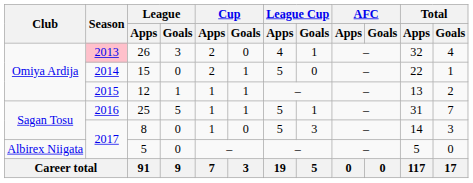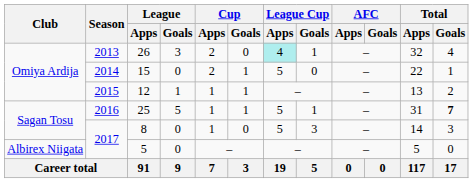 <table class="wikitable" style="text-align:center;">
 <tr>
 <th rowspan="2">Club</th>
 <th rowspan="2">Season</th>
 <th colspan="2">League</th>
 <th colspan="2"><a href='#'>Cup</a></th>
 <th colspan="2"><a href='#'>League Cup</a></th>
 <th colspan="2"><a href='#'>AFC</a></th>
 <th colspan="2">Total</th>
 </tr>
 <tr>
 <th>Apps</th>
 <th>Goals</th>
 <th>Apps</th>
 <th>Goals</th>
 <th>Apps</th>
 <th>Goals</th>
 <th>Apps</th>
 <th>Goals</th>
 <th>Apps</th>
 <th>Goals</th>
 </tr>
 <tr>
 <td rowspan="3"><a href='#'>Omiya Ardija</a></td>
-<td style="background: pink;"><a href='#'>2013</a></td>
+<td><a href='#'>2013</a></td>
 <td>26</td>
 <td>3</td>
 <td>2</td>
 <td>0</td>
-<td>4</td>
+<td style="background: paleturquoise;">4</td>
 <td>1</td>
 <td colspan="2">–</td>
 <td>32</td>
 <td>4</td>
 </tr>
 <tr>
 <td><a href='#'>2014</a></td>
 <td>15</td>
 <td>0</td>
 <td>2</td>
 <td>1</td>
 <td>5</td>
 <td>0</td>
 <td colspan="2">–</td>
 <td>22</td>
 <td>1</td>
 </tr>
 <tr>
 <td><a href='#'>2015</a></td>
 <td>12</td>
 <td>1</td>
 <td>1</td>
 <td>1</td>
 <td colspan="2">–</td>
 <td colspan="2">–</td>
 <td>13</td>
 <td>2</td>
 </tr>
 <tr>
 <td rowspan="2"><a href='#'>Sagan Tosu</a></td>
 <td><a href='#'>2016</a></td>
 <td>25</td>
 <td>5</td>
 <td>1</td>
 <td>1</td>
 <td>5</td>
 <td>1</td>
 <td colspan="2">–</td>
 <td>31</td>
-<td>7</td>
+<td><strong>7</strong></td>
 </tr>
 <tr>
 <td rowspan="2"><a href='#'>2017</a></td>
 <td>8</td>
 <td>0</td>
 <td>1</td>
 <td>0</td>
 <td>5</td>
 <td>3</td>
 <td colspan="2">–</td>
 <td>14</td>
 <td>3</td>
 </tr>
 <tr>
 <td><a href='#'>Albirex Niigata</a></td>
 <td>5</td>
 <td>0</td>
 <td colspan="2">–</td>
 <td colspan="2">–</td>
 <td colspan="2">–</td>
 <td>5</td>
 <td>0</td>
 </tr>
 <tr>
 <th colspan="2">Career total</th>
 <th>91</th>
 <th>9</th>
 <th>7</th>
 <th>3</th>
 <th>19</th>
 <th>5</th>
 <th>0</th>
 <th>0</th>
 <th>117</th>
 <th>17</th>
 </tr>
 </table>
